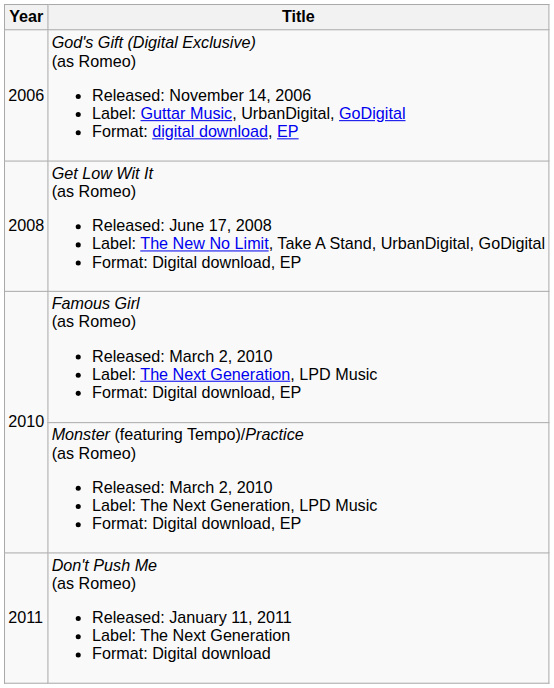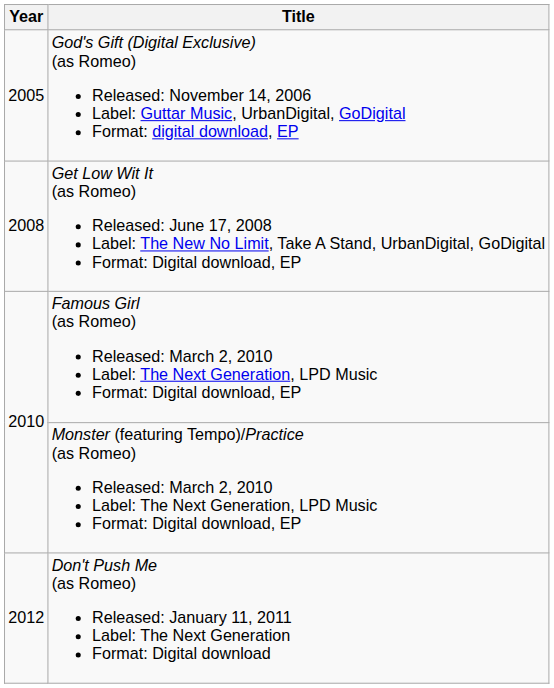 <table class="wikitable">
 <tr>
 <th align=center>Year</th>
 <th align=center>Title</th>
 </tr>
 <tr>
-<td>2006</td>
+<td>2005</td>
 <td><em>God's Gift (Digital Exclusive)</em><br><span>(as Romeo)</span><br><ul><li>Released: November 14, 2006</li><li>Label: <a href='#'>Guttar Music</a>, UrbanDigital, <a href='#'>GoDigital</a></li><li>Format: <a href='#'>digital download</a>, <a href='#'>EP</a></li></ul></td>
 </tr>
 <tr>
 <td>2008</td>
 <td><em>Get Low Wit It</em><br><span>(as Romeo)</span><br><ul><li>Released: June 17, 2008</li><li>Label: <a href='#'>The New No Limit</a>, Take A Stand, UrbanDigital, GoDigital</li><li>Format: Digital download, EP</li></ul></td>
 </tr>
 <tr>
 <td rowspan=2>2010</td>
 <td><em>Famous Girl</em><br><span>(as Romeo)</span><br><ul><li>Released: March 2, 2010</li><li>Label: <a href='#'>The Next Generation</a>, LPD Music</li><li>Format: Digital download, EP</li></ul></td>
 </tr>
 <tr>
 <td><em>Monster</em> (featuring Tempo)/<em>Practice</em><br><span>(as Romeo)</span><br><ul><li>Released: March 2, 2010</li><li>Label: The Next Generation, LPD Music</li><li>Format: Digital download, EP</li></ul></td>
 </tr>
 <tr>
-<td>2011</td>
+<td>2012</td>
 <td><em>Don't Push Me</em><br><span>(as Romeo)</span><br><ul><li>Released: January 11, 2011</li><li>Label: The Next Generation</li><li>Format: Digital download</li></ul></td>
 </tr>
 </table>
